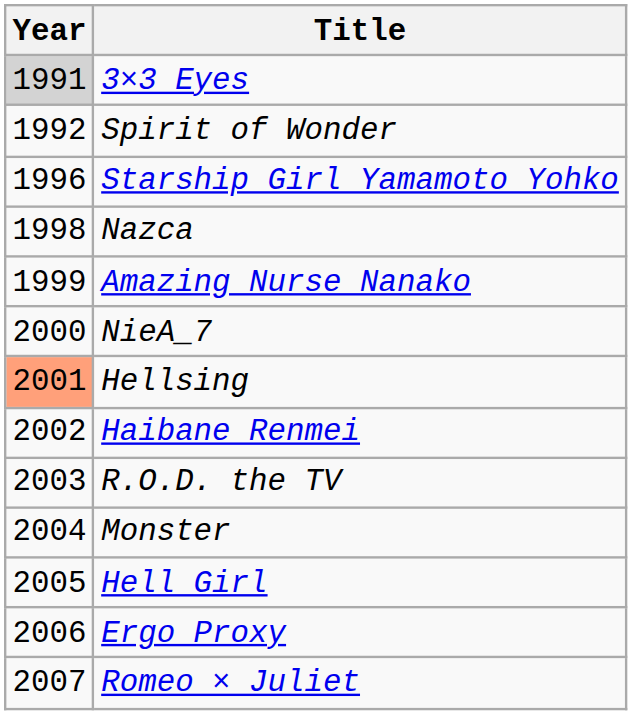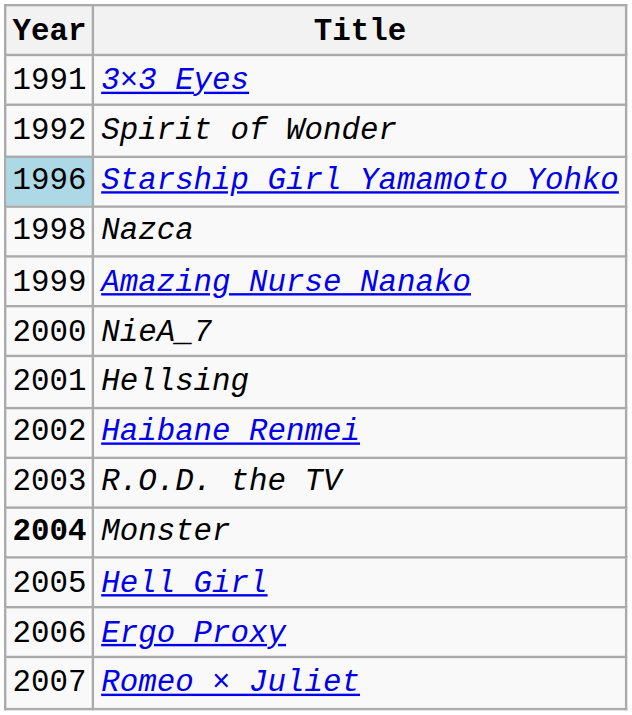 <table class="wikitable sortable">
 <tr>
 <th scope="col">Year</th>
 <th scope="col">Title</th>
 </tr>
 <tr>
-<td style="background: lightgrey;">1991</td>
+<td>1991</td>
 <td><em><a href='#'>3×3 Eyes</a></em></td>
 </tr>
 <tr>
 <td>1992</td>
 <td><em>Spirit of Wonder</em></td>
 </tr>
 <tr>
-<td>1996</td>
+<td style="background: lightblue;">1996</td>
 <td><em><a href='#'>Starship Girl Yamamoto Yohko</a></em></td>
 </tr>
 <tr>
 <td>1998</td>
 <td><em>Nazca</em></td>
 </tr>
 <tr>
 <td>1999</td>
 <td><em><a href='#'>Amazing Nurse Nanako</a></em></td>
 </tr>
 <tr>
 <td>2000</td>
 <td><em>NieA_7</em></td>
 </tr>
 <tr>
-<td style="background: lightsalmon;">2001</td>
+<td>2001</td>
 <td><em>Hellsing</em></td>
 </tr>
 <tr>
 <td>2002</td>
 <td><em><a href='#'>Haibane Renmei</a></em></td>
 </tr>
 <tr>
 <td>2003</td>
 <td><em>R.O.D. the TV</em></td>
 </tr>
 <tr>
-<td>2004</td>
+<td><strong>2004</strong></td>
 <td><em>Monster</em></td>
 </tr>
 <tr>
 <td>2005</td>
 <td><em><a href='#'>Hell Girl</a></em></td>
 </tr>
 <tr>
 <td>2006</td>
 <td><em><a href='#'>Ergo Proxy</a></em></td>
 </tr>
 <tr>
 <td>2007</td>
 <td><em><a href='#'>Romeo × Juliet</a></em></td>
 </tr>
 </table>
